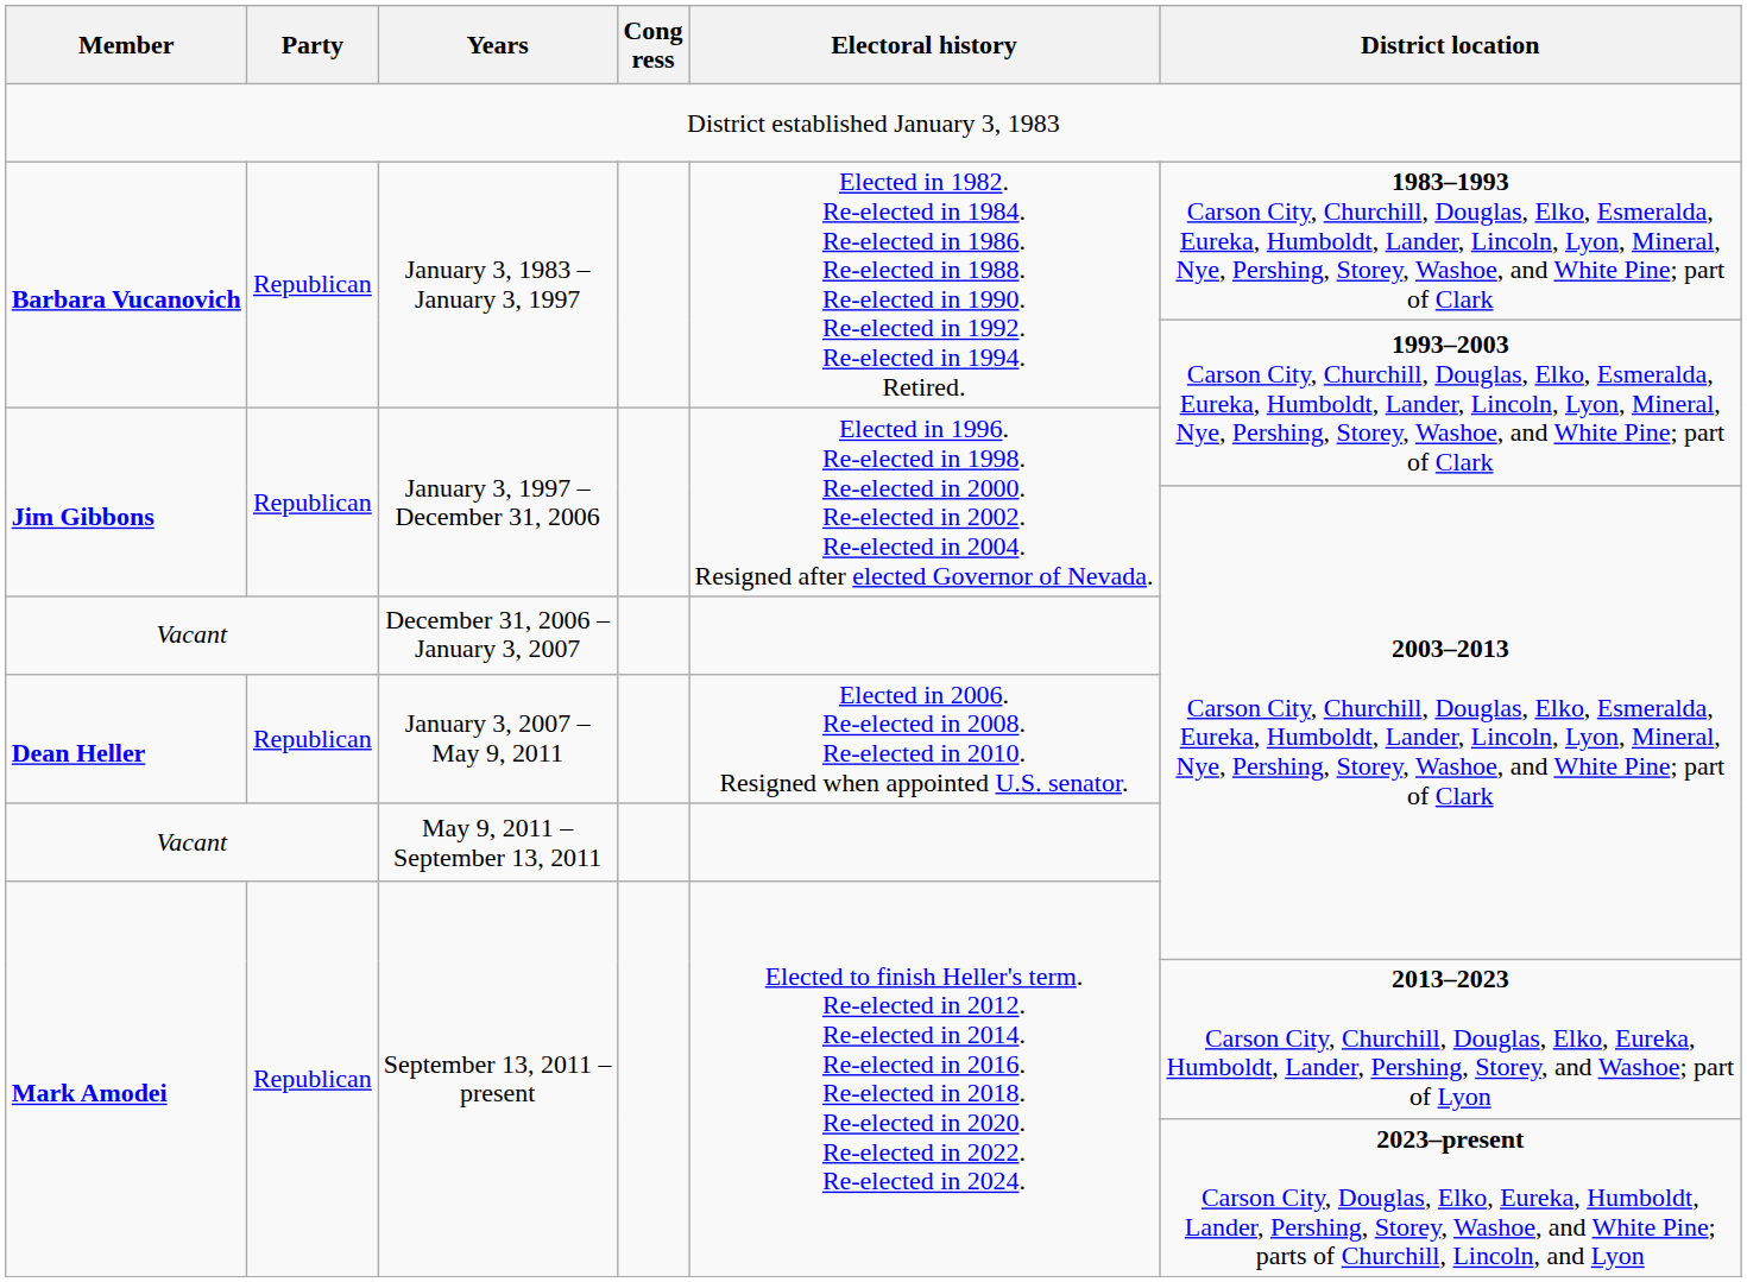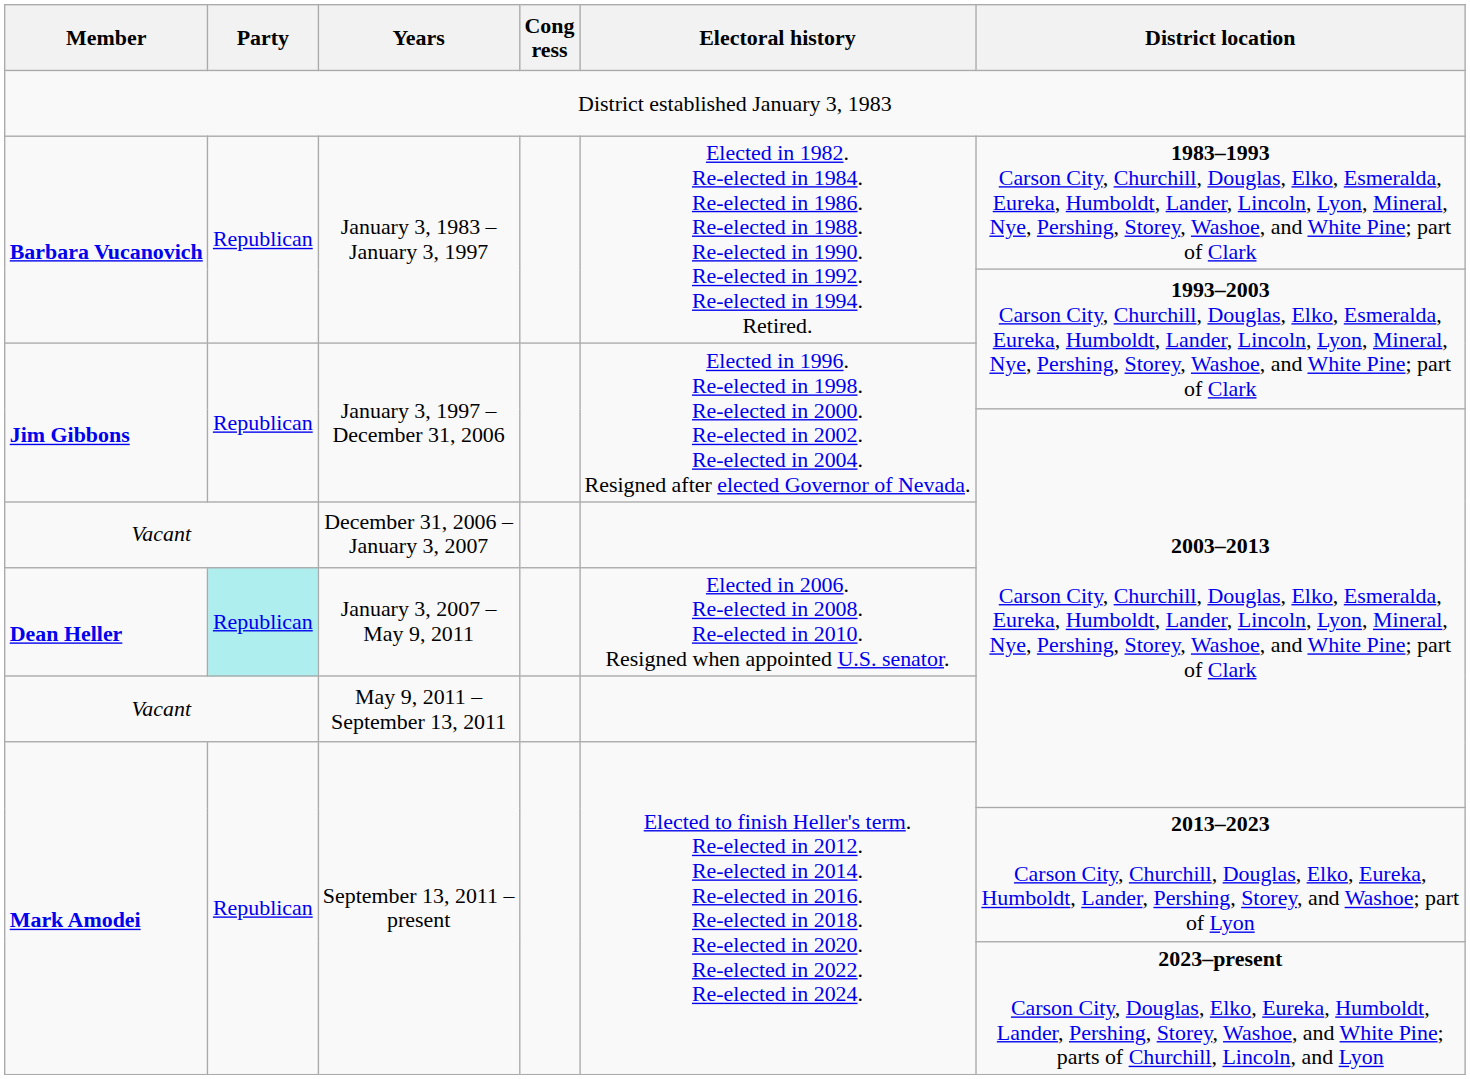 <table class=wikitable style="text-align:center">
 <tr style="height:3em">
 <th>Member<br></th>
 <th>Party</th>
 <th>Years</th>
 <th>Cong<br>ress</th>
 <th>Electoral history</th>
 <th width=350px>District location</th>
 </tr>
 <tr style="height:3em">
 <td colspan=6>District established January 3, 1983</td>
 </tr>
 <tr style="height:3em">
 <td rowspan=2 align=left><br><strong><a href='#'>Barbara Vucanovich</a></strong><br></td>
 <td rowspan=2 ><a href='#'>Republican</a></td>
 <td rowspan=2 nowrap>January 3, 1983 –<br>January 3, 1997</td>
 <td rowspan=2></td>
 <td rowspan=2><a href='#'>Elected in 1982</a>.<br><a href='#'>Re-elected in 1984</a>.<br><a href='#'>Re-elected in 1986</a>.<br><a href='#'>Re-elected in 1988</a>.<br><a href='#'>Re-elected in 1990</a>.<br><a href='#'>Re-elected in 1992</a>.<br><a href='#'>Re-elected in 1994</a>.<br>Retired.</td>
 <td><strong>1983–1993</strong><br><a href='#'>Carson City</a>, <a href='#'>Churchill</a>, <a href='#'>Douglas</a>, <a href='#'>Elko</a>, <a href='#'>Esmeralda</a>, <a href='#'>Eureka</a>, <a href='#'>Humboldt</a>, <a href='#'>Lander</a>, <a href='#'>Lincoln</a>, <a href='#'>Lyon</a>, <a href='#'>Mineral</a>, <a href='#'>Nye</a>, <a href='#'>Pershing</a>, <a href='#'>Storey</a>, <a href='#'>Washoe</a>, and <a href='#'>White Pine</a>; part of <a href='#'>Clark</a></td>
 </tr>
 <tr style="height:3em">
 <td rowspan=2><strong>1993–2003</strong><br><a href='#'>Carson City</a>, <a href='#'>Churchill</a>, <a href='#'>Douglas</a>, <a href='#'>Elko</a>, <a href='#'>Esmeralda</a>, <a href='#'>Eureka</a>, <a href='#'>Humboldt</a>, <a href='#'>Lander</a>, <a href='#'>Lincoln</a>, <a href='#'>Lyon</a>, <a href='#'>Mineral</a>, <a href='#'>Nye</a>, <a href='#'>Pershing</a>, <a href='#'>Storey</a>, <a href='#'>Washoe</a>, and <a href='#'>White Pine</a>; part of <a href='#'>Clark</a></td>
 </tr>
 <tr style="height:3em">
 <td rowspan=2 align=left><br><strong><a href='#'>Jim Gibbons</a></strong><br></td>
 <td rowspan=2 ><a href='#'>Republican</a></td>
 <td rowspan=2 nowrap>January 3, 1997 –<br>December 31, 2006</td>
 <td rowspan=2></td>
 <td rowspan=2><a href='#'>Elected in 1996</a>.<br><a href='#'>Re-elected in 1998</a>.<br><a href='#'>Re-elected in 2000</a>.<br><a href='#'>Re-elected in 2002</a>.<br><a href='#'>Re-elected in 2004</a>.<br>Resigned after <a href='#'>elected Governor of Nevada</a>.</td>
 </tr>
 <tr style="height:3em">
 <td rowspan=5><strong>2003–2013</strong><br><br><a href='#'>Carson City</a>, <a href='#'>Churchill</a>, <a href='#'>Douglas</a>, <a href='#'>Elko</a>, <a href='#'>Esmeralda</a>, <a href='#'>Eureka</a>, <a href='#'>Humboldt</a>, <a href='#'>Lander</a>, <a href='#'>Lincoln</a>, <a href='#'>Lyon</a>, <a href='#'>Mineral</a>, <a href='#'>Nye</a>, <a href='#'>Pershing</a>, <a href='#'>Storey</a>, <a href='#'>Washoe</a>, and <a href='#'>White Pine</a>; part of <a href='#'>Clark</a></td>
 </tr>
 <tr style="height:3em">
 <td colspan=2><em>Vacant</em></td>
 <td nowrap>December 31, 2006 –<br>January 3, 2007</td>
 <td></td>
 <td></td>
 </tr>
 <tr style="height:3em">
 <td align=left><br><strong><a href='#'>Dean Heller</a></strong><br></td>
-<td><a href='#'>Republican</a></td>
+<td style="background: paleturquoise;"><a href='#'>Republican</a></td>
 <td nowrap>January 3, 2007 –<br>May 9, 2011</td>
 <td></td>
 <td><a href='#'>Elected in 2006</a>.<br><a href='#'>Re-elected in 2008</a>.<br><a href='#'>Re-elected in 2010</a>.<br>Resigned when appointed <a href='#'>U.S. senator</a>.</td>
 </tr>
 <tr style="height:3em">
 <td colspan=2><em>Vacant</em></td>
 <td nowrap>May 9, 2011 –<br>September 13, 2011</td>
 <td></td>
 <td></td>
 </tr>
 <tr style="height:3em">
 <td rowspan=3 style="text-align:left; white-space:nowrap;"><br><strong><a href='#'>Mark Amodei</a></strong><br></td>
 <td rowspan=3 ><a href='#'>Republican</a></td>
 <td rowspan=3 nowrap>September 13, 2011 –<br>present</td>
 <td rowspan=3></td>
 <td rowspan=3><a href='#'>Elected to finish Heller's term</a>.<br><a href='#'>Re-elected in 2012</a>.<br><a href='#'>Re-elected in 2014</a>.<br><a href='#'>Re-elected in 2016</a>.<br><a href='#'>Re-elected in 2018</a>.<br><a href='#'>Re-elected in 2020</a>.<br><a href='#'>Re-elected in 2022</a>.<br><a href='#'>Re-elected in 2024</a>.</td>
 </tr>
 <tr style="height:3em">
 <td><strong>2013–2023</strong><br><br><a href='#'>Carson City</a>, <a href='#'>Churchill</a>, <a href='#'>Douglas</a>, <a href='#'>Elko</a>, <a href='#'>Eureka</a>, <a href='#'>Humboldt</a>, <a href='#'>Lander</a>, <a href='#'>Pershing</a>, <a href='#'>Storey</a>, and <a href='#'>Washoe</a>; part of <a href='#'>Lyon</a></td>
 </tr>
 <tr style="height:3em">
 <td><strong>2023–present</strong><br><br><a href='#'>Carson City</a>, <a href='#'>Douglas</a>, <a href='#'>Elko</a>, <a href='#'>Eureka</a>, <a href='#'>Humboldt</a>, <a href='#'>Lander</a>, <a href='#'>Pershing</a>, <a href='#'>Storey</a>, <a href='#'>Washoe</a>, and <a href='#'>White Pine</a>; parts of <a href='#'>Churchill</a>, <a href='#'>Lincoln</a>, and <a href='#'>Lyon</a></td>
 </tr>
 </table>
